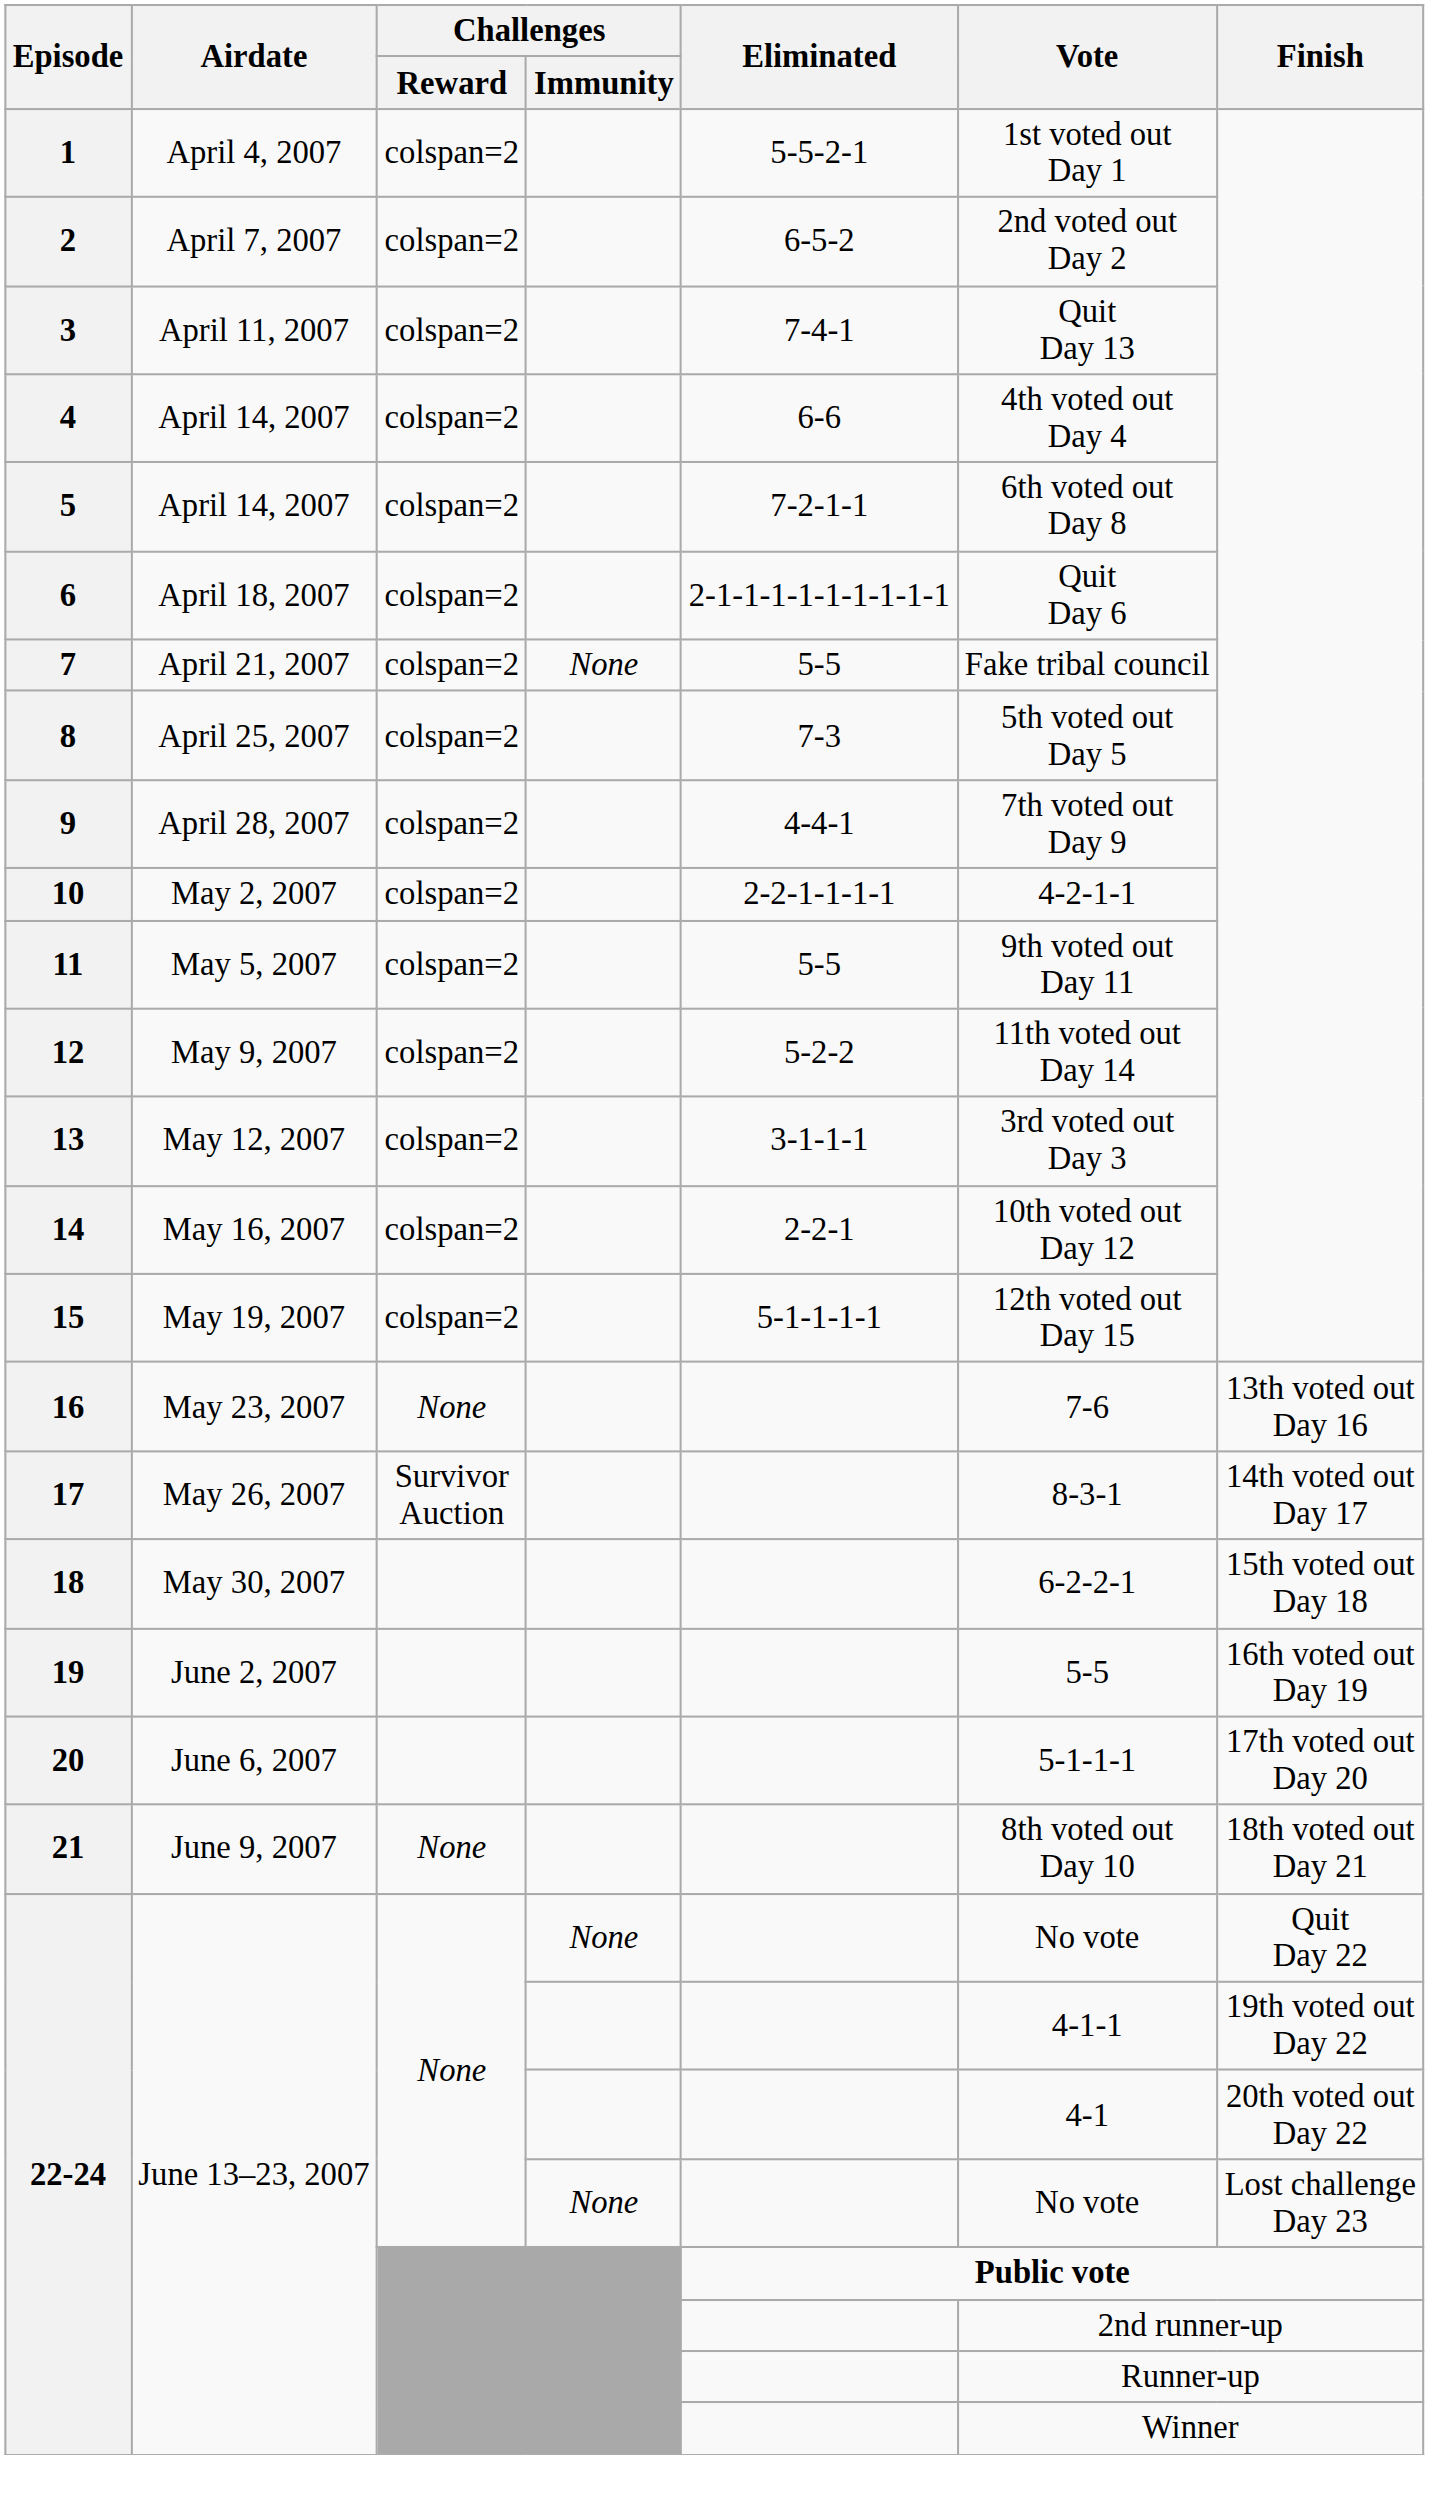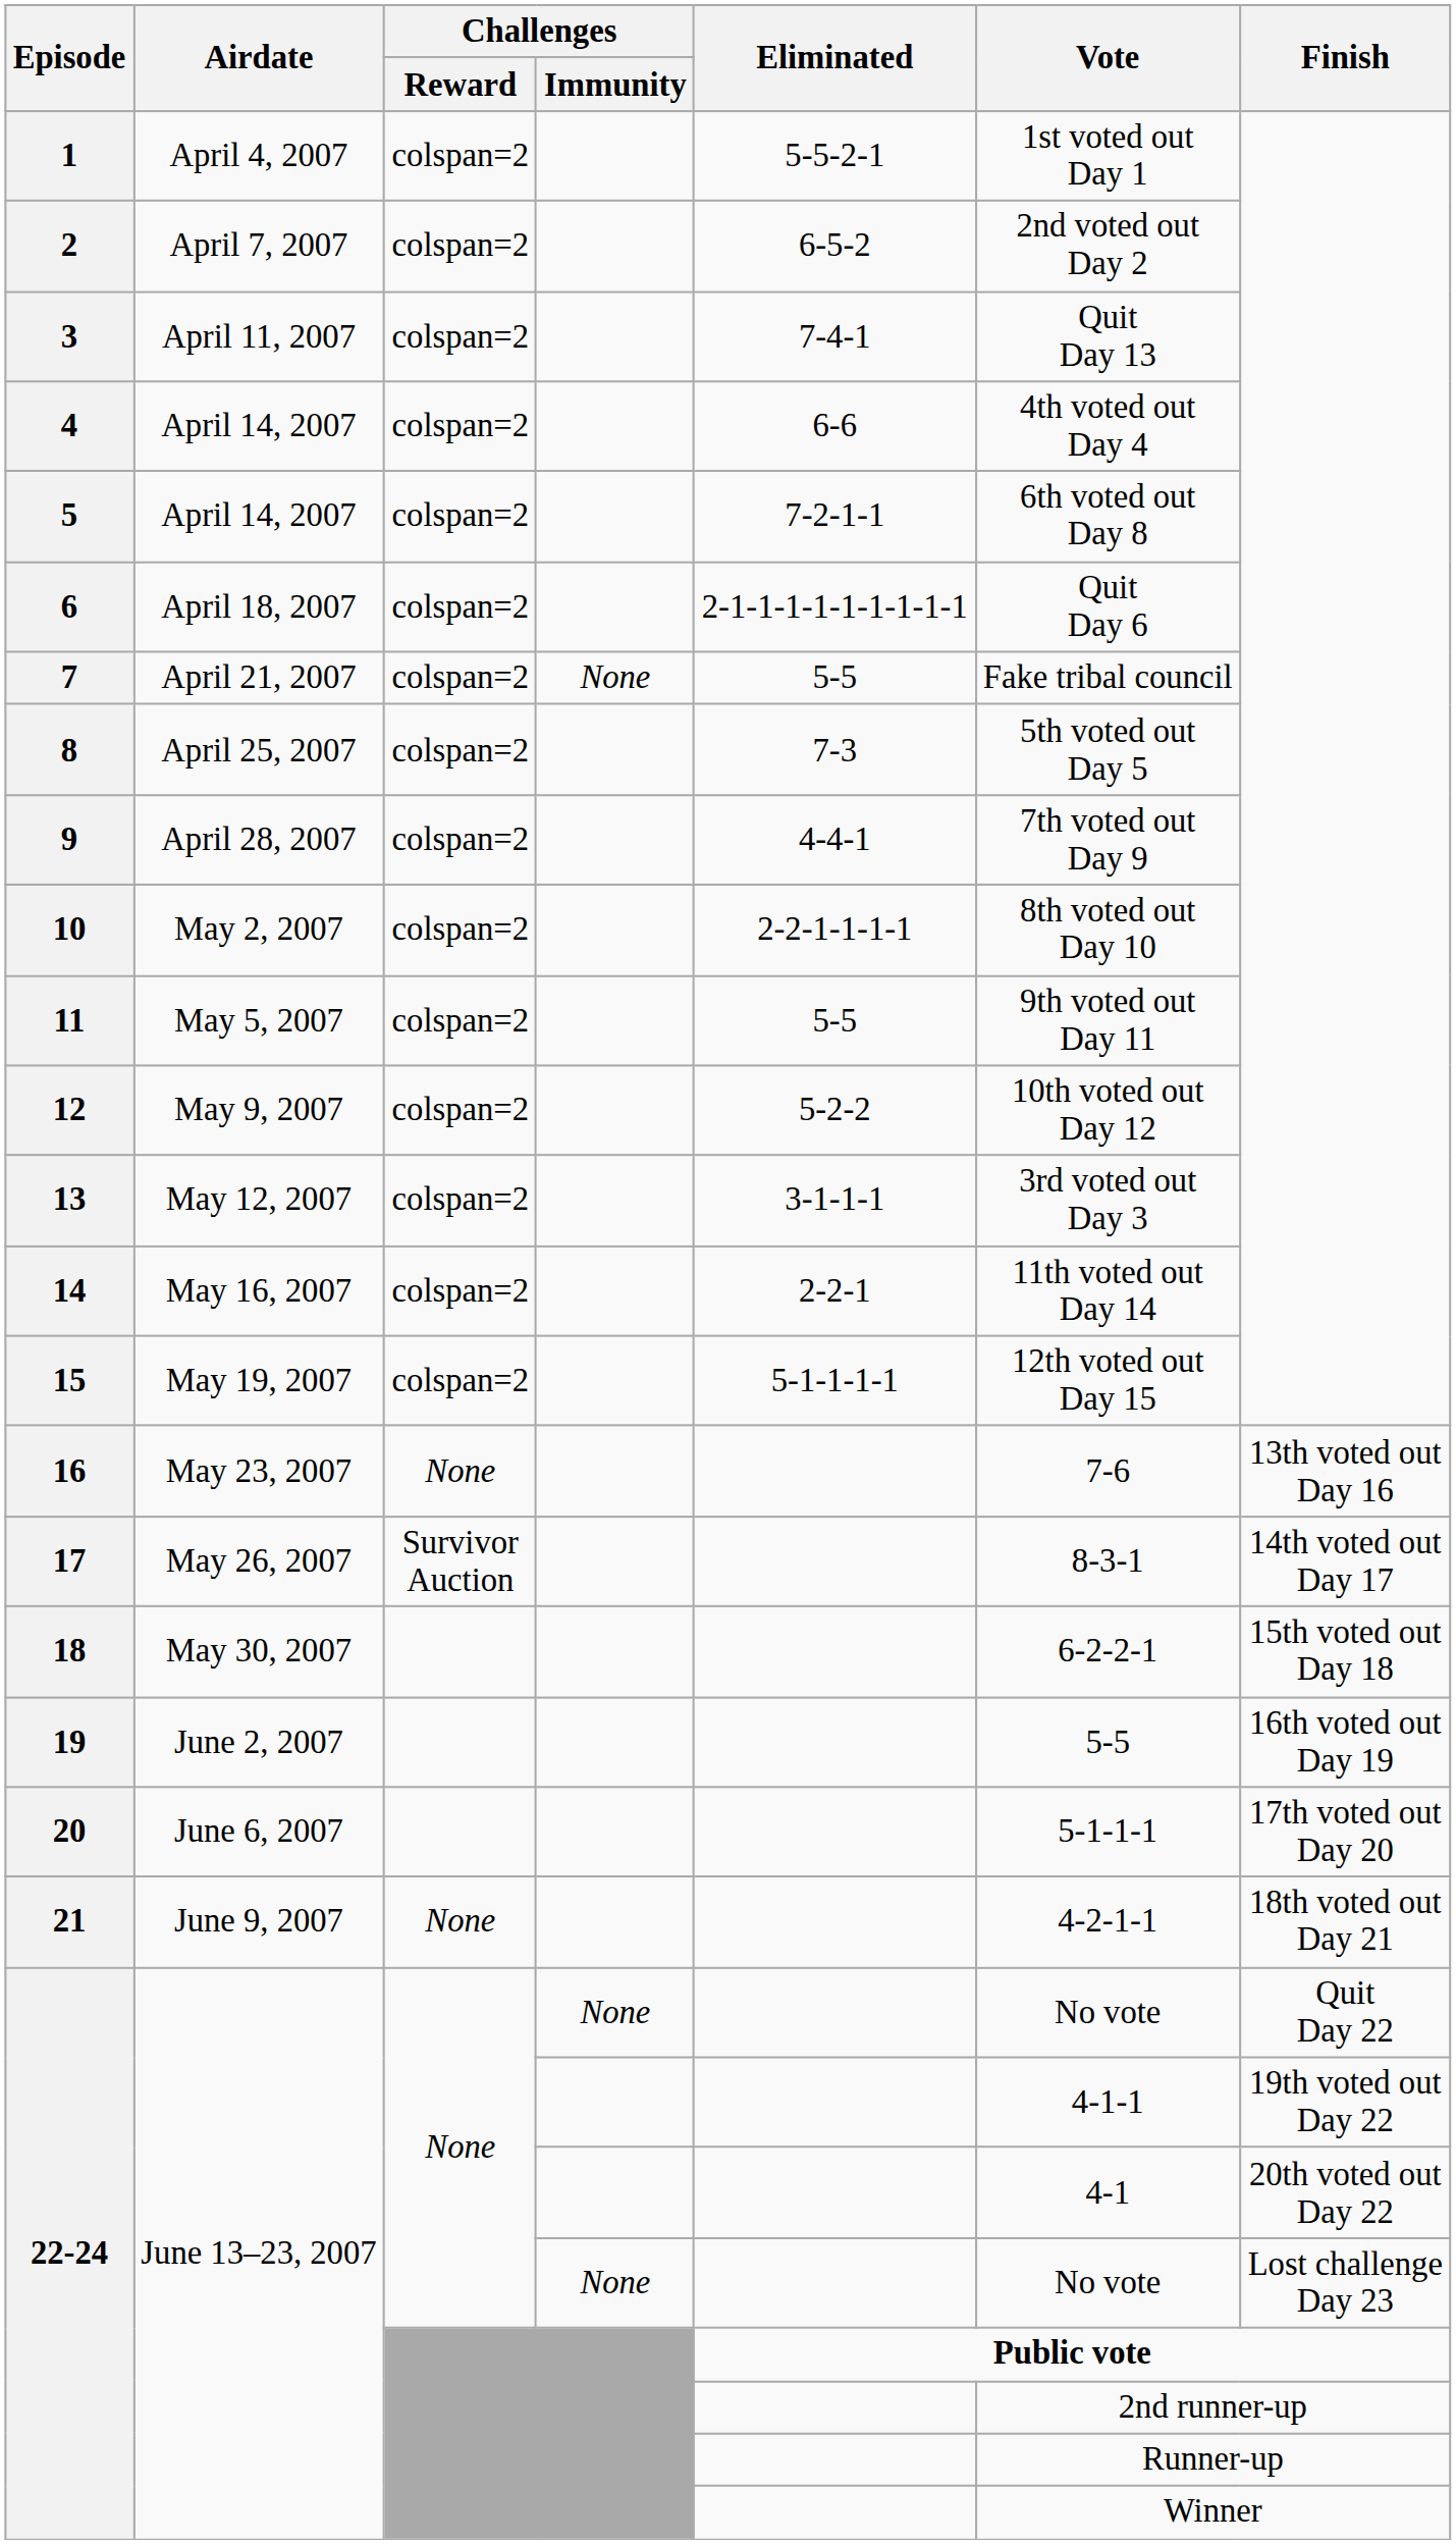 <table class="wikitable" style="margin:auto; text-align:center">
 <tr>
 <th rowspan=2>Episode</th>
 <th rowspan=2>Airdate</th>
 <th colspan=2>Challenges</th>
 <th rowspan=2>Eliminated</th>
 <th rowspan=2>Vote</th>
 <th rowspan=2>Finish</th>
 </tr>
 <tr>
 <th>Reward</th>
 <th>Immunity</th>
 </tr>
 <tr>
 <th>1</th>
 <td>April 4, 2007</td>
 <td>colspan=2 </td>
 <td></td>
 <td>5-5-2-1</td>
 <td>1st voted out<br>Day 1</td>
 </tr>
 <tr>
 <th>2</th>
 <td>April 7, 2007</td>
 <td>colspan=2 </td>
 <td></td>
 <td>6-5-2</td>
 <td>2nd voted out<br>Day 2</td>
 </tr>
 <tr>
 <th>3</th>
 <td>April 11, 2007</td>
 <td>colspan=2 </td>
 <td></td>
 <td>7-4-1</td>
 <td>Quit<br>Day 13</td>
 </tr>
 <tr>
 <th>4</th>
 <td>April 14, 2007</td>
 <td>colspan=2 </td>
 <td></td>
 <td>6-6</td>
 <td>4th voted out<br>Day 4</td>
 </tr>
 <tr>
 <th>5</th>
 <td>April 14, 2007</td>
 <td>colspan=2 </td>
 <td></td>
 <td>7-2-1-1</td>
 <td>6th voted out<br>Day 8</td>
 </tr>
 <tr>
 <th>6</th>
 <td>April 18, 2007</td>
 <td>colspan=2 </td>
 <td></td>
 <td>2-1-1-1-1-1-1-1-1-1</td>
 <td>Quit<br>Day 6</td>
 </tr>
 <tr>
 <th>7</th>
 <td>April 21, 2007</td>
 <td>colspan=2 </td>
 <td><em>None</em></td>
 <td>5-5</td>
 <td>Fake tribal council</td>
 </tr>
 <tr>
 <th>8</th>
 <td>April 25, 2007</td>
 <td>colspan=2 </td>
 <td></td>
 <td>7-3</td>
 <td>5th voted out<br>Day 5</td>
 </tr>
 <tr>
 <th>9</th>
 <td>April 28, 2007</td>
 <td>colspan=2 </td>
 <td></td>
 <td>4-4-1</td>
 <td>7th voted out<br>Day 9</td>
 </tr>
 <tr>
 <th>10</th>
 <td>May 2, 2007</td>
 <td>colspan=2 </td>
 <td></td>
 <td>2-2-1-1-1-1</td>
-<td>4-2-1-1</td>
+<td>8th voted out<br>Day 10</td>
 </tr>
 <tr>
 <th>11</th>
 <td>May 5, 2007</td>
 <td>colspan=2 </td>
 <td></td>
 <td>5-5</td>
 <td>9th voted out<br>Day 11</td>
 </tr>
 <tr>
 <th>12</th>
 <td>May 9, 2007</td>
 <td>colspan=2 </td>
 <td></td>
 <td>5-2-2</td>
-<td>11th voted out<br>Day 14</td>
+<td>10th voted out<br>Day 12</td>
 </tr>
 <tr>
 <th>13</th>
 <td>May 12, 2007</td>
 <td>colspan=2 </td>
 <td></td>
 <td>3-1-1-1</td>
 <td>3rd voted out<br>Day 3</td>
 </tr>
 <tr>
 <th>14</th>
 <td>May 16, 2007</td>
 <td>colspan=2 </td>
 <td></td>
 <td>2-2-1</td>
-<td>10th voted out<br>Day 12</td>
+<td>11th voted out<br>Day 14</td>
 </tr>
 <tr>
 <th>15</th>
 <td>May 19, 2007</td>
 <td>colspan=2 </td>
 <td></td>
 <td>5-1-1-1-1</td>
 <td>12th voted out<br>Day 15</td>
 </tr>
 <tr>
 <th>16</th>
 <td>May 23, 2007</td>
 <td><em>None</em></td>
 <td></td>
 <td></td>
 <td>7-6</td>
 <td>13th voted out<br>Day 16</td>
 </tr>
 <tr>
 <th>17</th>
 <td>May 26, 2007</td>
 <td>Survivor<br>Auction</td>
 <td></td>
 <td></td>
 <td>8-3-1</td>
 <td>14th voted out<br>Day 17</td>
 </tr>
 <tr>
 <th>18</th>
 <td>May 30, 2007</td>
 <td></td>
 <td></td>
 <td></td>
 <td>6-2-2-1</td>
 <td>15th voted out<br>Day 18</td>
 </tr>
 <tr>
 <th>19</th>
 <td>June 2, 2007</td>
 <td></td>
 <td></td>
 <td></td>
 <td>5-5</td>
 <td>16th voted out<br>Day 19</td>
 </tr>
 <tr>
 <th>20</th>
 <td>June 6, 2007</td>
 <td></td>
 <td></td>
 <td></td>
 <td>5-1-1-1</td>
 <td>17th voted out<br>Day 20</td>
 </tr>
 <tr>
 <th>21</th>
 <td>June 9, 2007</td>
 <td><em>None</em></td>
 <td></td>
 <td></td>
-<td>8th voted out<br>Day 10</td>
+<td>4-2-1-1</td>
 <td>18th voted out<br>Day 21</td>
 </tr>
 <tr>
 <th rowspan=8>22-24</th>
 <td rowspan=8>June 13–23, 2007</td>
 <td rowspan=4><em>None</em></td>
 <td><em>None</em></td>
 <td></td>
 <td>No vote</td>
 <td>Quit<br>Day 22</td>
 </tr>
 <tr>
 <td></td>
 <td></td>
 <td>4-1-1</td>
 <td>19th voted out<br>Day 22</td>
 </tr>
 <tr>
 <td></td>
 <td></td>
 <td>4-1</td>
 <td>20th voted out<br>Day 22</td>
 </tr>
 <tr>
 <td><em>None</em></td>
 <td></td>
 <td>No vote</td>
 <td>Lost challenge<br>Day 23</td>
 </tr>
 <tr>
 <td rowspan="4" colspan="2" bgcolor="darkgray"></td>
 <td colspan=3><strong>Public vote</strong></td>
 </tr>
 <tr>
 <td></td>
 <td colspan=2>2nd runner-up</td>
 </tr>
 <tr>
 <td></td>
 <td colspan=2>Runner-up</td>
 </tr>
 <tr>
 <td></td>
 <td colspan=2>Winner</td>
 </tr>
 </table>
